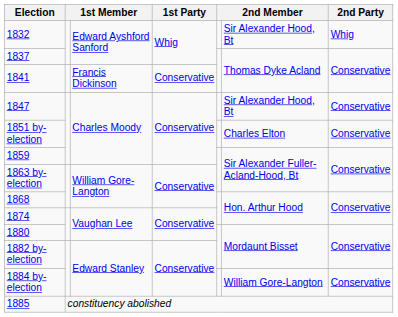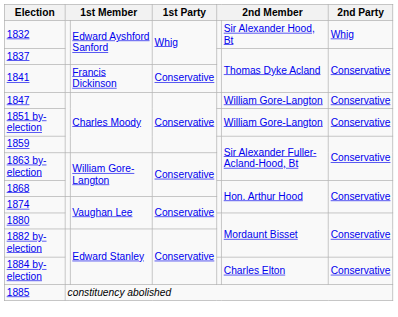 <table class="wikitable">
 <tr>
 <th>Election</th>
 <th colspan="2">1st Member</th>
 <th>1st Party</th>
 <th colspan="2">2nd Member</th>
 <th>2nd Party</th>
 </tr>
 <tr>
 <td><a href='#'>1832</a></td>
 <td rowspan="2" style="color:inherit;background-color: "></td>
 <td rowspan="2"><a href='#'>Edward Ayshford Sanford</a></td>
 <td rowspan="2"><a href='#'>Whig</a></td>
 <td style="color:inherit;background-color: "></td>
 <td><a href='#'>Sir Alexander Hood, Bt</a></td>
 <td><a href='#'>Whig</a></td>
 </tr>
 <tr>
 <td><a href='#'>1837</a></td>
 <td rowspan="2" style="color:inherit;background-color: "></td>
 <td rowspan="2"><a href='#'>Thomas Dyke Acland</a></td>
 <td rowspan="2"><a href='#'>Conservative</a></td>
 </tr>
 <tr>
 <td><a href='#'>1841</a></td>
 <td style="color:inherit;background-color: "></td>
 <td><a href='#'>Francis Dickinson</a></td>
 <td><a href='#'>Conservative</a></td>
 </tr>
 <tr>
 <td><a href='#'>1847</a></td>
 <td rowspan="3" style="color:inherit;background-color: "></td>
 <td rowspan="3"><a href='#'>Charles Moody</a></td>
 <td rowspan="3"><a href='#'>Conservative</a></td>
 <td style="color:inherit;background-color: "></td>
-<td><a href='#'>Sir Alexander Hood, Bt</a></td>
+<td><a href='#'>William Gore-Langton</a></td>
 <td><a href='#'>Conservative</a></td>
 </tr>
 <tr>
 <td><a href='#'>1851 by-election</a></td>
 <td style="color:inherit;background-color: "></td>
-<td><a href='#'>Charles Elton</a></td>
+<td><a href='#'>William Gore-Langton</a></td>
 <td><a href='#'>Conservative</a></td>
 </tr>
 <tr>
 <td><a href='#'>1859</a></td>
 <td rowspan="2" style="color:inherit;background-color: "></td>
 <td rowspan="2"><a href='#'>Sir Alexander Fuller-Acland-Hood, Bt</a></td>
 <td rowspan="2"><a href='#'>Conservative</a></td>
 </tr>
 <tr>
 <td><a href='#'>1863 by-election</a></td>
 <td rowspan="2" style="color:inherit;background-color: "></td>
 <td rowspan="2"><a href='#'>William Gore-Langton</a></td>
 <td rowspan="2"><a href='#'>Conservative</a></td>
 </tr>
 <tr>
 <td><a href='#'>1868</a></td>
 <td rowspan="2" style="color:inherit;background-color: "></td>
 <td rowspan="2"><a href='#'>Hon. Arthur Hood</a></td>
 <td rowspan="2"><a href='#'>Conservative</a></td>
 </tr>
 <tr>
 <td><a href='#'>1874</a></td>
 <td rowspan="2" style="color:inherit;background-color: "></td>
 <td rowspan="2"><a href='#'>Vaughan Lee</a></td>
 <td rowspan="2"><a href='#'>Conservative</a></td>
 </tr>
 <tr>
 <td><a href='#'>1880</a></td>
 <td rowspan="2" style="color:inherit;background-color: "></td>
 <td rowspan="2"><a href='#'>Mordaunt Bisset</a></td>
 <td rowspan="2"><a href='#'>Conservative</a></td>
 </tr>
 <tr>
 <td><a href='#'>1882 by-election</a></td>
 <td rowspan="2" style="color:inherit;background-color: "></td>
 <td rowspan="2"><a href='#'>Edward Stanley</a></td>
 <td rowspan="2"><a href='#'>Conservative</a></td>
 </tr>
 <tr>
 <td><a href='#'>1884 by-election</a></td>
 <td style="color:inherit;background-color: "></td>
-<td><a href='#'>William Gore-Langton</a></td>
+<td><a href='#'>Charles Elton</a></td>
 <td><a href='#'>Conservative</a></td>
 </tr>
 <tr>
 <td><a href='#'>1885</a></td>
 <td colspan="6"><em>constituency abolished</em></td>
 </tr>
 </table>
